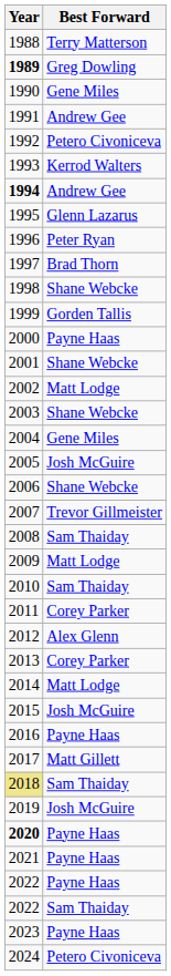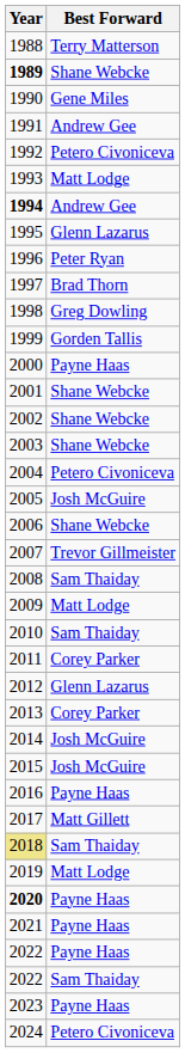 <table class="wikitable" align=left>
 <tr>
 <th>Year</th>
 <th>Best Forward</th>
 </tr>
 <tr>
 <td>1988</td>
 <td><a href='#'>Terry Matterson</a></td>
 </tr>
 <tr>
 <td><strong>1989</strong></td>
-<td><a href='#'>Greg Dowling</a></td>
+<td><a href='#'>Shane Webcke</a></td>
 </tr>
 <tr>
 <td>1990</td>
 <td><a href='#'>Gene Miles</a></td>
 </tr>
 <tr>
 <td>1991</td>
 <td><a href='#'>Andrew Gee</a></td>
 </tr>
 <tr>
 <td>1992</td>
 <td><a href='#'>Petero Civoniceva</a></td>
 </tr>
 <tr>
 <td>1993</td>
-<td><a href='#'>Kerrod Walters</a></td>
+<td><a href='#'>Matt Lodge</a></td>
 </tr>
 <tr>
 <td><strong>1994</strong></td>
 <td><a href='#'>Andrew Gee</a></td>
 </tr>
 <tr>
 <td>1995</td>
 <td><a href='#'>Glenn Lazarus</a></td>
 </tr>
 <tr>
 <td>1996</td>
 <td><a href='#'>Peter Ryan</a></td>
 </tr>
 <tr>
 <td>1997</td>
 <td><a href='#'>Brad Thorn</a></td>
 </tr>
 <tr>
 <td>1998</td>
-<td><a href='#'>Shane Webcke</a></td>
+<td><a href='#'>Greg Dowling</a></td>
 </tr>
 <tr>
 <td>1999</td>
 <td><a href='#'>Gorden Tallis</a></td>
 </tr>
 <tr>
 <td>2000</td>
 <td><a href='#'>Payne Haas</a></td>
 </tr>
 <tr>
 <td>2001</td>
 <td><a href='#'>Shane Webcke</a></td>
 </tr>
 <tr>
 <td>2002</td>
-<td><a href='#'>Matt Lodge</a></td>
+<td><a href='#'>Shane Webcke</a></td>
 </tr>
 <tr>
 <td>2003</td>
 <td><a href='#'>Shane Webcke</a></td>
 </tr>
 <tr>
 <td>2004</td>
-<td><a href='#'>Gene Miles</a></td>
+<td><a href='#'>Petero Civoniceva</a></td>
 </tr>
 <tr>
 <td>2005</td>
 <td><a href='#'>Josh McGuire</a></td>
 </tr>
 <tr>
 <td>2006</td>
 <td><a href='#'>Shane Webcke</a></td>
 </tr>
 <tr>
 <td>2007</td>
 <td><a href='#'>Trevor Gillmeister</a></td>
 </tr>
 <tr>
 <td>2008</td>
 <td><a href='#'>Sam Thaiday</a></td>
 </tr>
 <tr>
 <td>2009</td>
 <td><a href='#'>Matt Lodge</a></td>
 </tr>
 <tr>
 <td>2010</td>
 <td><a href='#'>Sam Thaiday</a></td>
 </tr>
 <tr>
 <td>2011</td>
 <td><a href='#'>Corey Parker</a></td>
 </tr>
 <tr>
 <td>2012</td>
-<td><a href='#'>Alex Glenn</a></td>
+<td><a href='#'>Glenn Lazarus</a></td>
 </tr>
 <tr>
 <td>2013</td>
 <td><a href='#'>Corey Parker</a></td>
 </tr>
 <tr>
 <td>2014</td>
-<td><a href='#'>Matt Lodge</a></td>
+<td><a href='#'>Josh McGuire</a></td>
 </tr>
 <tr>
 <td>2015</td>
 <td><a href='#'>Josh McGuire</a></td>
 </tr>
 <tr>
 <td>2016</td>
 <td><a href='#'>Payne Haas</a></td>
 </tr>
 <tr>
 <td>2017</td>
 <td><a href='#'>Matt Gillett</a></td>
 </tr>
 <tr>
 <td style="background: khaki;">2018</td>
 <td><a href='#'>Sam Thaiday</a></td>
 </tr>
 <tr>
 <td>2019</td>
-<td><a href='#'>Josh McGuire</a></td>
+<td><a href='#'>Matt Lodge</a></td>
 </tr>
 <tr>
 <td><strong>2020</strong></td>
 <td><a href='#'>Payne Haas</a></td>
 </tr>
 <tr>
 <td>2021</td>
 <td><a href='#'>Payne Haas</a></td>
 </tr>
 <tr>
 <td>2022</td>
 <td><a href='#'>Payne Haas</a></td>
 </tr>
 <tr>
 <td>2022</td>
 <td><a href='#'>Sam Thaiday</a></td>
 </tr>
 <tr>
 <td>2023</td>
 <td><a href='#'>Payne Haas</a></td>
 </tr>
 <tr>
 <td>2024</td>
 <td><a href='#'>Petero Civoniceva</a></td>
 </tr>
 </table>
